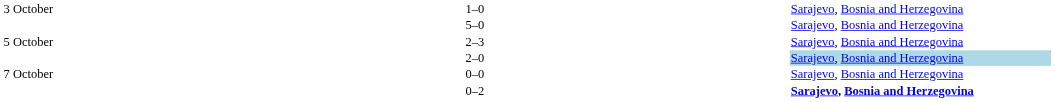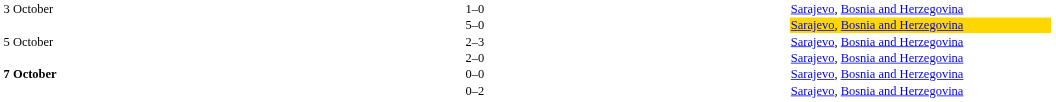 <table cellspacing=1 width=85%>
 <tr>
 <th width=15%></th>
 <th width=25%></th>
 <th width=10%></th>
 <th width=25%></th>
 <th width=25%></th>
 </tr>
 <tr>
 <td>3 October</td>
 <td align=right></td>
 <td align=center>1–0</td>
 <td></td>
 <td><a href='#'>Sarajevo</a>, <a href='#'>Bosnia and Herzegovina</a></td>
 </tr>
 <tr>
 <td></td>
 <td align=right></td>
 <td align=center>5–0</td>
 <td></td>
-<td><a href='#'>Sarajevo</a>, <a href='#'>Bosnia and Herzegovina</a></td>
+<td style="background: gold;"><a href='#'>Sarajevo</a>, <a href='#'>Bosnia and Herzegovina</a></td>
 </tr>
 <tr>
 <td>5 October</td>
 <td align=right></td>
 <td align=center>2–3</td>
 <td></td>
 <td><a href='#'>Sarajevo</a>, <a href='#'>Bosnia and Herzegovina</a></td>
 </tr>
 <tr>
 <td></td>
 <td align=right></td>
 <td align=center>2–0</td>
 <td></td>
-<td style="background: lightblue;"><a href='#'>Sarajevo</a>, <a href='#'>Bosnia and Herzegovina</a></td>
+<td><a href='#'>Sarajevo</a>, <a href='#'>Bosnia and Herzegovina</a></td>
 </tr>
 <tr>
-<td>7 October</td>
+<td><strong>7 October</strong></td>
 <td align=right></td>
 <td align=center>0–0</td>
 <td></td>
 <td><a href='#'>Sarajevo</a>, <a href='#'>Bosnia and Herzegovina</a></td>
 </tr>
 <tr>
 <td></td>
 <td align=right></td>
 <td align=center>0–2</td>
 <td></td>
-<td><strong><a href='#'>Sarajevo</a>, <a href='#'>Bosnia and Herzegovina</a></strong></td>
+<td><a href='#'>Sarajevo</a>, <a href='#'>Bosnia and Herzegovina</a></td>
 </tr>
 </table>
